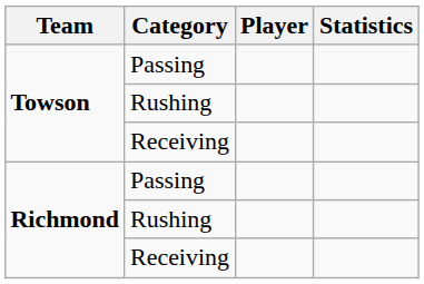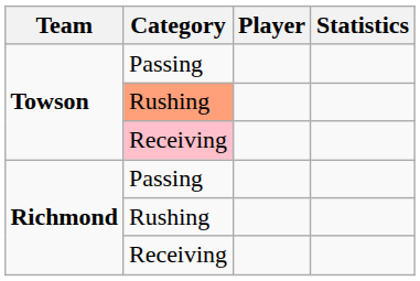 <table class="wikitable" style="float: right;">
 <tr>
 <th>Team</th>
 <th>Category</th>
 <th>Player</th>
 <th>Statistics</th>
 </tr>
 <tr>
 <td rowspan=3><strong>Towson</strong></td>
 <td>Passing</td>
 <td></td>
 <td></td>
 </tr>
 <tr>
-<td>Rushing</td>
+<td style="background: lightsalmon;">Rushing</td>
 <td></td>
 <td></td>
 </tr>
 <tr>
-<td>Receiving</td>
+<td style="background: pink;">Receiving</td>
 <td></td>
 <td></td>
 </tr>
 <tr>
 <td rowspan=3><strong>Richmond</strong></td>
 <td>Passing</td>
 <td></td>
 <td></td>
 </tr>
 <tr>
 <td>Rushing</td>
 <td></td>
 <td></td>
 </tr>
 <tr>
 <td>Receiving</td>
 <td></td>
 <td></td>
 </tr>
 </table>
